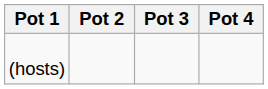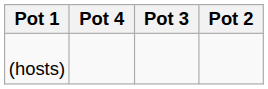 <table class="wikitable">
 <tr>
 <th width="25%">Pot 1</th>
+<th width="25%">Pot 4</th>
+<th width="25%">Pot 3</th>
 <th width="25%">Pot 2</th>
-<th width="25%">Pot 3</th>
-<th width="25%">Pot 4</th>
 </tr>
 <tr>
 <td><br> (hosts)<br> </td>
+<td valign=top><br><br></td>
 <td><br><br> </td>
 <td><br><br> </td>
-<td valign=top><br><br></td>
 </tr>
 </table>
